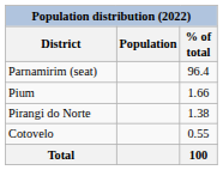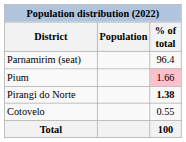 <table class="wikitable" align="left" style="float:center; margin:1em; border-collapse:collapse; text-align:center; font-size:88%">
 <tr>
 <th colspan="7" style="background:#B0C4DE;">Population distribution (2022)</th>
 </tr>
 <tr>
 <th style="width:120px">District</th>
 <th>Population</th>
 <th style="width:36px">% of<br>total</th>
 </tr>
 <tr>
 <td style="text-align:left;">Parnamirim (seat)</td>
 <td></td>
 <td>96.4</td>
 </tr>
 <tr>
 <td style="text-align:left;">Pium</td>
 <td></td>
-<td>1.66</td>
+<td style="background: pink;">1.66</td>
 </tr>
 <tr>
 <td style="text-align:left;">Pirangi do Norte</td>
 <td></td>
-<td>1.38</td>
+<td><strong>1.38</strong></td>
 </tr>
 <tr>
 <td style="text-align:left;">Cotovelo</td>
 <td></td>
 <td>0.55</td>
 </tr>
 <tr>
 <th>Total</th>
 <th></th>
 <th>100</th>
 </tr>
 </table>
